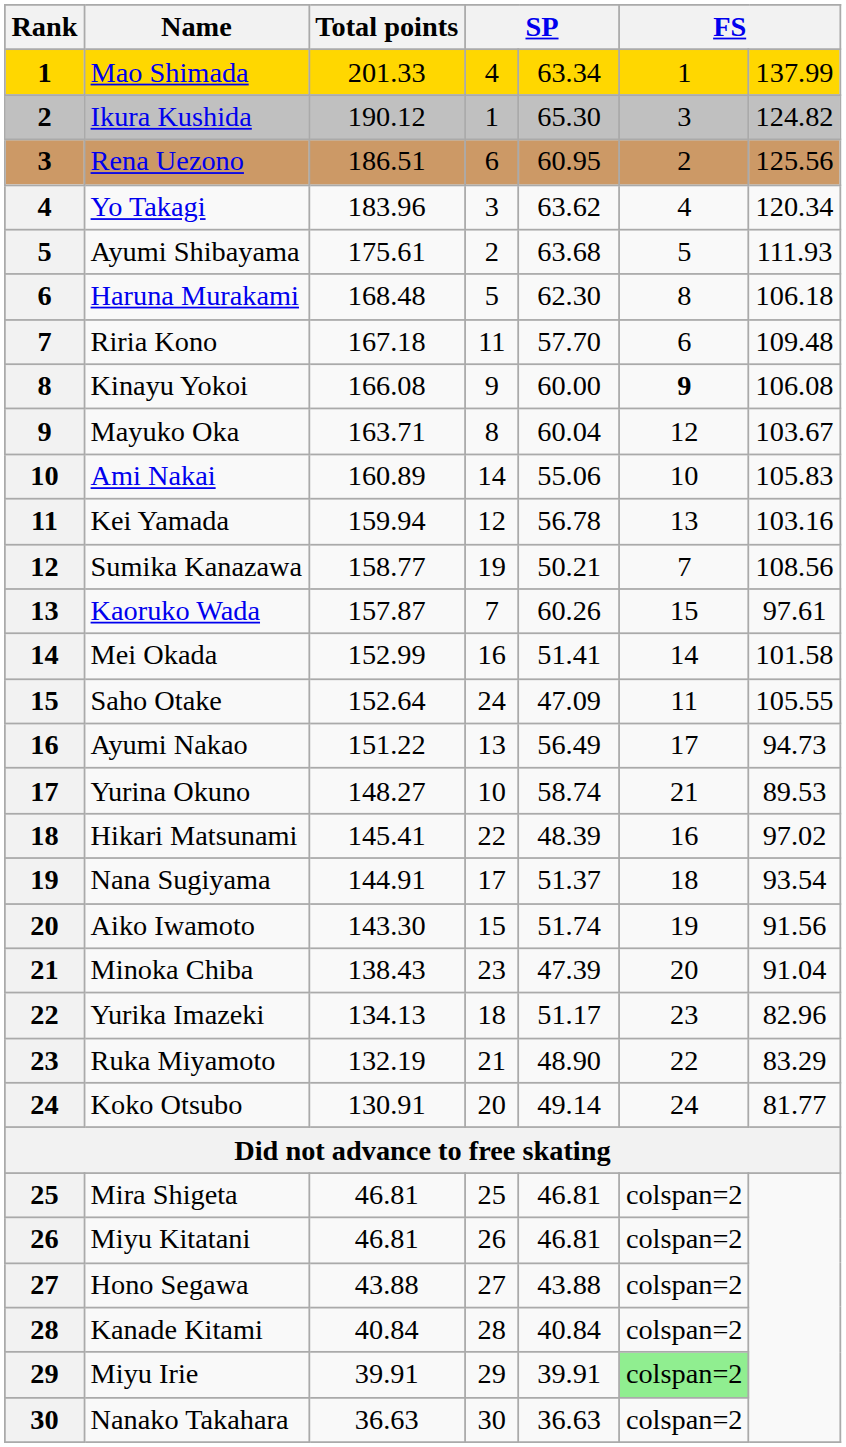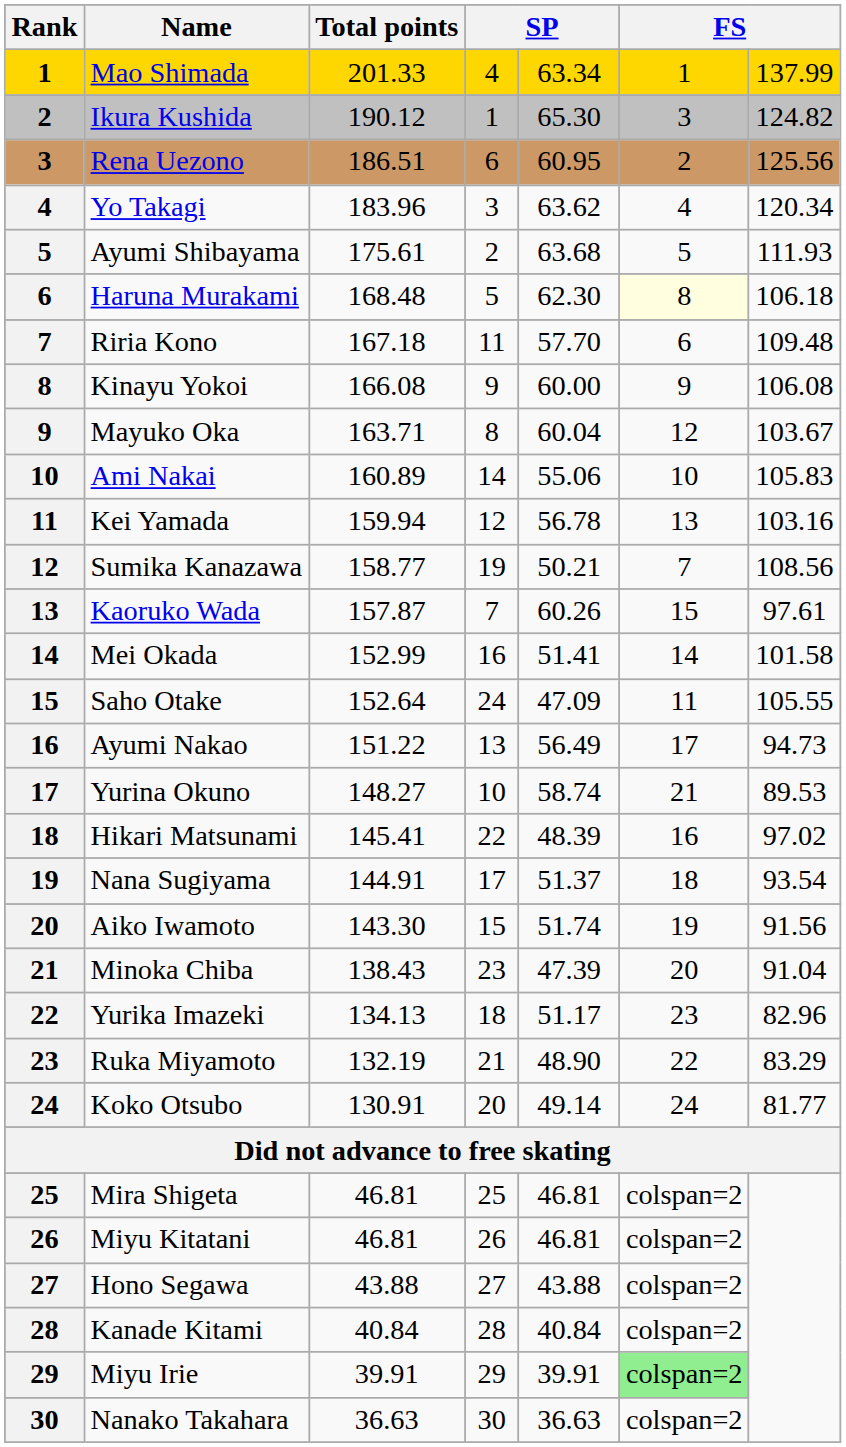 <table class="wikitable sortable">
 <tr>
 <th>Rank</th>
 <th>Name</th>
 <th>Total points</th>
 <th colspan="2" width="80px"><a href='#'>SP</a></th>
 <th colspan="2" width="80px"><a href='#'>FS</a></th>
 </tr>
 <tr bgcolor="gold">
 <td align="center"><strong>1</strong></td>
 <td><a href='#'>Mao Shimada</a></td>
 <td align="center">201.33</td>
 <td align="center">4</td>
 <td align="center">63.34</td>
 <td align="center">1</td>
 <td align="center">137.99</td>
 </tr>
 <tr bgcolor="silver">
 <td align="center"><strong>2</strong></td>
 <td><a href='#'>Ikura Kushida</a></td>
 <td align="center">190.12</td>
 <td align="center">1</td>
 <td align="center">65.30</td>
 <td align="center">3</td>
 <td align="center">124.82</td>
 </tr>
 <tr bgcolor="cc9966">
 <td align="center"><strong>3</strong></td>
 <td><a href='#'>Rena Uezono</a></td>
 <td align="center">186.51</td>
 <td align="center">6</td>
 <td align="center">60.95</td>
 <td align="center">2</td>
 <td align="center">125.56</td>
 </tr>
 <tr>
 <th>4</th>
 <td><a href='#'>Yo Takagi</a></td>
 <td align="center">183.96</td>
 <td align="center">3</td>
 <td align="center">63.62</td>
 <td align="center">4</td>
 <td align="center">120.34</td>
 </tr>
 <tr>
 <th>5</th>
 <td>Ayumi Shibayama</td>
 <td align="center">175.61</td>
 <td align="center">2</td>
 <td align="center">63.68</td>
 <td align="center">5</td>
 <td align="center">111.93</td>
 </tr>
 <tr>
 <th>6</th>
 <td><a href='#'>Haruna Murakami</a></td>
 <td align="center">168.48</td>
 <td align="center">5</td>
 <td align="center">62.30</td>
-<td align="center">8</td>
+<td align="center" style="background: lightyellow;">8</td>
 <td align="center">106.18</td>
 </tr>
 <tr>
 <th>7</th>
 <td>Riria Kono</td>
 <td align="center">167.18</td>
 <td align="center">11</td>
 <td align="center">57.70</td>
 <td align="center">6</td>
 <td align="center">109.48</td>
 </tr>
 <tr>
 <th>8</th>
 <td>Kinayu Yokoi</td>
 <td align="center">166.08</td>
 <td align="center">9</td>
 <td align="center">60.00</td>
-<td align="center"><strong>9</strong></td>
+<td align="center">9</td>
 <td align="center">106.08</td>
 </tr>
 <tr>
 <th>9</th>
 <td>Mayuko Oka</td>
 <td align="center">163.71</td>
 <td align="center">8</td>
 <td align="center">60.04</td>
 <td align="center">12</td>
 <td align="center">103.67</td>
 </tr>
 <tr>
 <th>10</th>
 <td><a href='#'>Ami Nakai</a></td>
 <td align="center">160.89</td>
 <td align="center">14</td>
 <td align="center">55.06</td>
 <td align="center">10</td>
 <td align="center">105.83</td>
 </tr>
 <tr>
 <th>11</th>
 <td>Kei Yamada</td>
 <td align="center">159.94</td>
 <td align="center">12</td>
 <td align="center">56.78</td>
 <td align="center">13</td>
 <td align="center">103.16</td>
 </tr>
 <tr>
 <th>12</th>
 <td>Sumika Kanazawa</td>
 <td align="center">158.77</td>
 <td align="center">19</td>
 <td align="center">50.21</td>
 <td align="center">7</td>
 <td align="center">108.56</td>
 </tr>
 <tr>
 <th>13</th>
 <td><a href='#'>Kaoruko Wada</a></td>
 <td align="center">157.87</td>
 <td align="center">7</td>
 <td align="center">60.26</td>
 <td align="center">15</td>
 <td align="center">97.61</td>
 </tr>
 <tr>
 <th>14</th>
 <td>Mei Okada</td>
 <td align="center">152.99</td>
 <td align="center">16</td>
 <td align="center">51.41</td>
 <td align="center">14</td>
 <td align="center">101.58</td>
 </tr>
 <tr>
 <th>15</th>
 <td>Saho Otake</td>
 <td align="center">152.64</td>
 <td align="center">24</td>
 <td align="center">47.09</td>
 <td align="center">11</td>
 <td align="center">105.55</td>
 </tr>
 <tr>
 <th>16</th>
 <td>Ayumi Nakao</td>
 <td align="center">151.22</td>
 <td align="center">13</td>
 <td align="center">56.49</td>
 <td align="center">17</td>
 <td align="center">94.73</td>
 </tr>
 <tr>
 <th>17</th>
 <td>Yurina Okuno</td>
 <td align="center">148.27</td>
 <td align="center">10</td>
 <td align="center">58.74</td>
 <td align="center">21</td>
 <td align="center">89.53</td>
 </tr>
 <tr>
 <th>18</th>
 <td>Hikari Matsunami</td>
 <td align="center">145.41</td>
 <td align="center">22</td>
 <td align="center">48.39</td>
 <td align="center">16</td>
 <td align="center">97.02</td>
 </tr>
 <tr>
 <th>19</th>
 <td>Nana Sugiyama</td>
 <td align="center">144.91</td>
 <td align="center">17</td>
 <td align="center">51.37</td>
 <td align="center">18</td>
 <td align="center">93.54</td>
 </tr>
 <tr>
 <th>20</th>
 <td>Aiko Iwamoto</td>
 <td align="center">143.30</td>
 <td align="center">15</td>
 <td align="center">51.74</td>
 <td align="center">19</td>
 <td align="center">91.56</td>
 </tr>
 <tr>
 <th>21</th>
 <td>Minoka Chiba</td>
 <td align="center">138.43</td>
 <td align="center">23</td>
 <td align="center">47.39</td>
 <td align="center">20</td>
 <td align="center">91.04</td>
 </tr>
 <tr>
 <th>22</th>
 <td>Yurika Imazeki</td>
 <td align="center">134.13</td>
 <td align="center">18</td>
 <td align="center">51.17</td>
 <td align="center">23</td>
 <td align="center">82.96</td>
 </tr>
 <tr>
 <th>23</th>
 <td>Ruka Miyamoto</td>
 <td align="center">132.19</td>
 <td align="center">21</td>
 <td align="center">48.90</td>
 <td align="center">22</td>
 <td align="center">83.29</td>
 </tr>
 <tr>
 <th>24</th>
 <td>Koko Otsubo</td>
 <td align="center">130.91</td>
 <td align="center">20</td>
 <td align="center">49.14</td>
 <td align="center">24</td>
 <td align="center">81.77</td>
 </tr>
 <tr>
 <th colspan=8>Did not advance to free skating</th>
 </tr>
 <tr>
 <th>25</th>
 <td>Mira Shigeta</td>
 <td align="center">46.81</td>
 <td align="center">25</td>
 <td align="center">46.81</td>
 <td>colspan=2 </td>
 </tr>
 <tr>
 <th>26</th>
 <td>Miyu Kitatani</td>
 <td align="center">46.81</td>
 <td align="center">26</td>
 <td align="center">46.81</td>
 <td>colspan=2 </td>
 </tr>
 <tr>
 <th>27</th>
 <td>Hono Segawa</td>
 <td align="center">43.88</td>
 <td align="center">27</td>
 <td align="center">43.88</td>
 <td>colspan=2 </td>
 </tr>
 <tr>
 <th>28</th>
 <td>Kanade Kitami</td>
 <td align="center">40.84</td>
 <td align="center">28</td>
 <td align="center">40.84</td>
 <td>colspan=2 </td>
 </tr>
 <tr>
 <th>29</th>
 <td>Miyu Irie</td>
 <td align="center">39.91</td>
 <td align="center">29</td>
 <td align="center">39.91</td>
 <td style="background: lightgreen;">colspan=2 </td>
 </tr>
 <tr>
 <th>30</th>
 <td>Nanako Takahara</td>
 <td align="center">36.63</td>
 <td align="center">30</td>
 <td align="center">36.63</td>
 <td>colspan=2 </td>
 </tr>
 </table>
